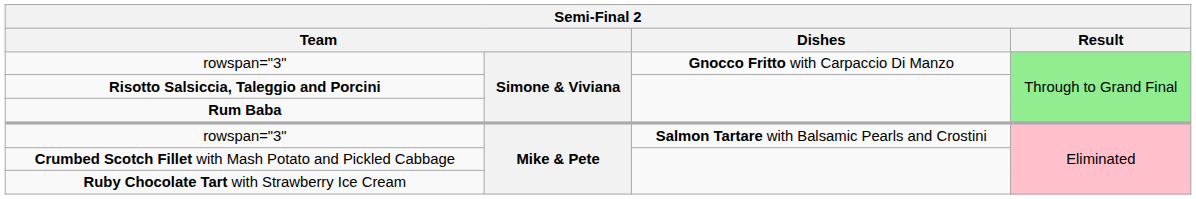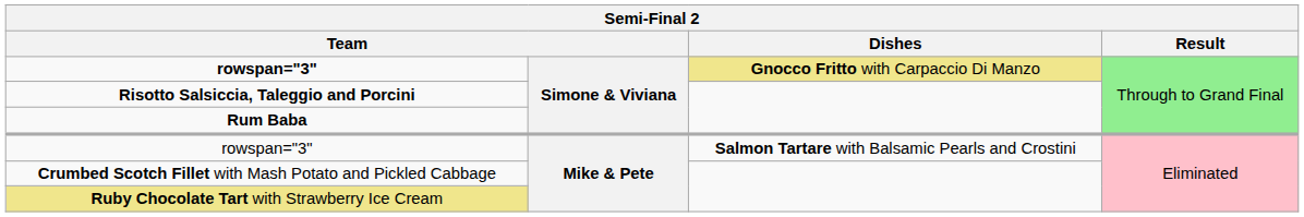 <table class="wikitable plainrowheaders" style="margin:1em auto; text-align:center; font-size:90%; width:80em;">
 <tr>
 <th colspan="6" >Semi-Final 2</th>
 </tr>
 <tr>
 <th colspan="2">Team</th>
 <th>Dishes</th>
 <th>Result</th>
 </tr>
 <tr>
-<td>rowspan="3" </td>
+<td><strong>rowspan="3" </strong></td>
 <th rowspan="3">Simone & Viviana</th>
-<td><strong>Gnocco Fritto</strong> with Carpaccio Di Manzo</td>
+<td style="background: khaki;"><strong>Gnocco Fritto</strong> with Carpaccio Di Manzo</td>
 <td rowspan="3" bgcolor="lightgreen">Through to Grand Final</td>
 </tr>
 <tr>
 <td><strong>Risotto Salsiccia, Taleggio and Porcini</strong></td>
 </tr>
 <tr>
 <td><strong>Rum Baba</strong></td>
 </tr>
 <tr style="border-top:3px solid #aaa;">
 <td>rowspan="3" </td>
 <th rowspan="3">Mike & Pete</th>
 <td><strong>Salmon Tartare</strong> with Balsamic Pearls and Crostini</td>
 <td rowspan="3" bgcolor=pink>Eliminated</td>
 </tr>
 <tr>
 <td><strong>Crumbed Scotch Fillet</strong> with Mash Potato and Pickled Cabbage</td>
 </tr>
 <tr>
-<td><strong>Ruby Chocolate Tart</strong> with Strawberry Ice Cream</td>
+<td style="background: khaki;"><strong>Ruby Chocolate Tart</strong> with Strawberry Ice Cream</td>
 </tr>
 </table>
